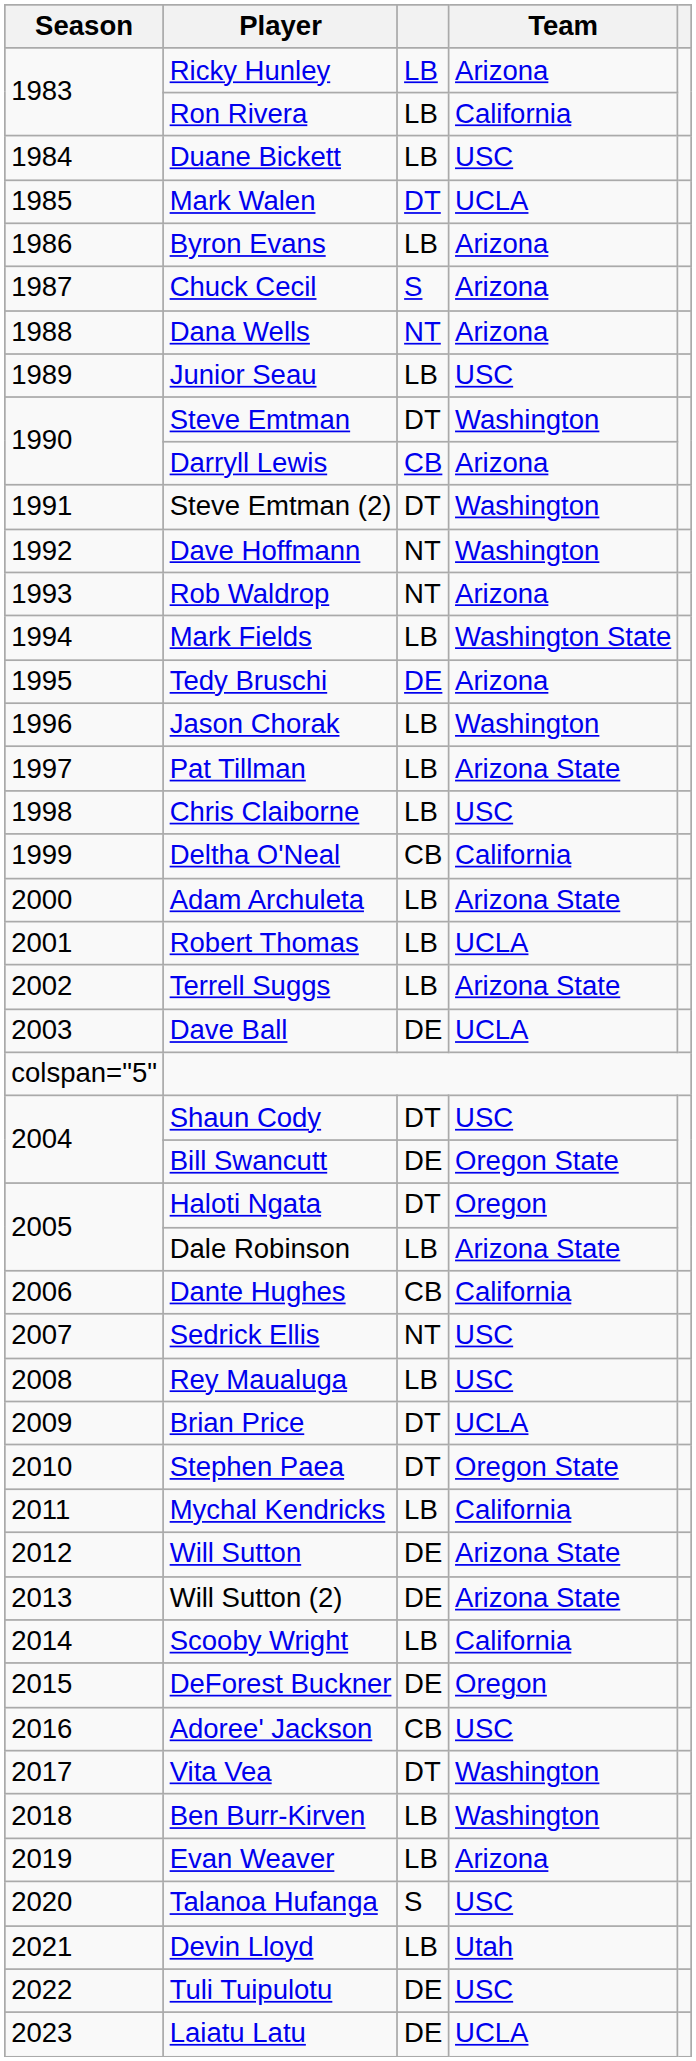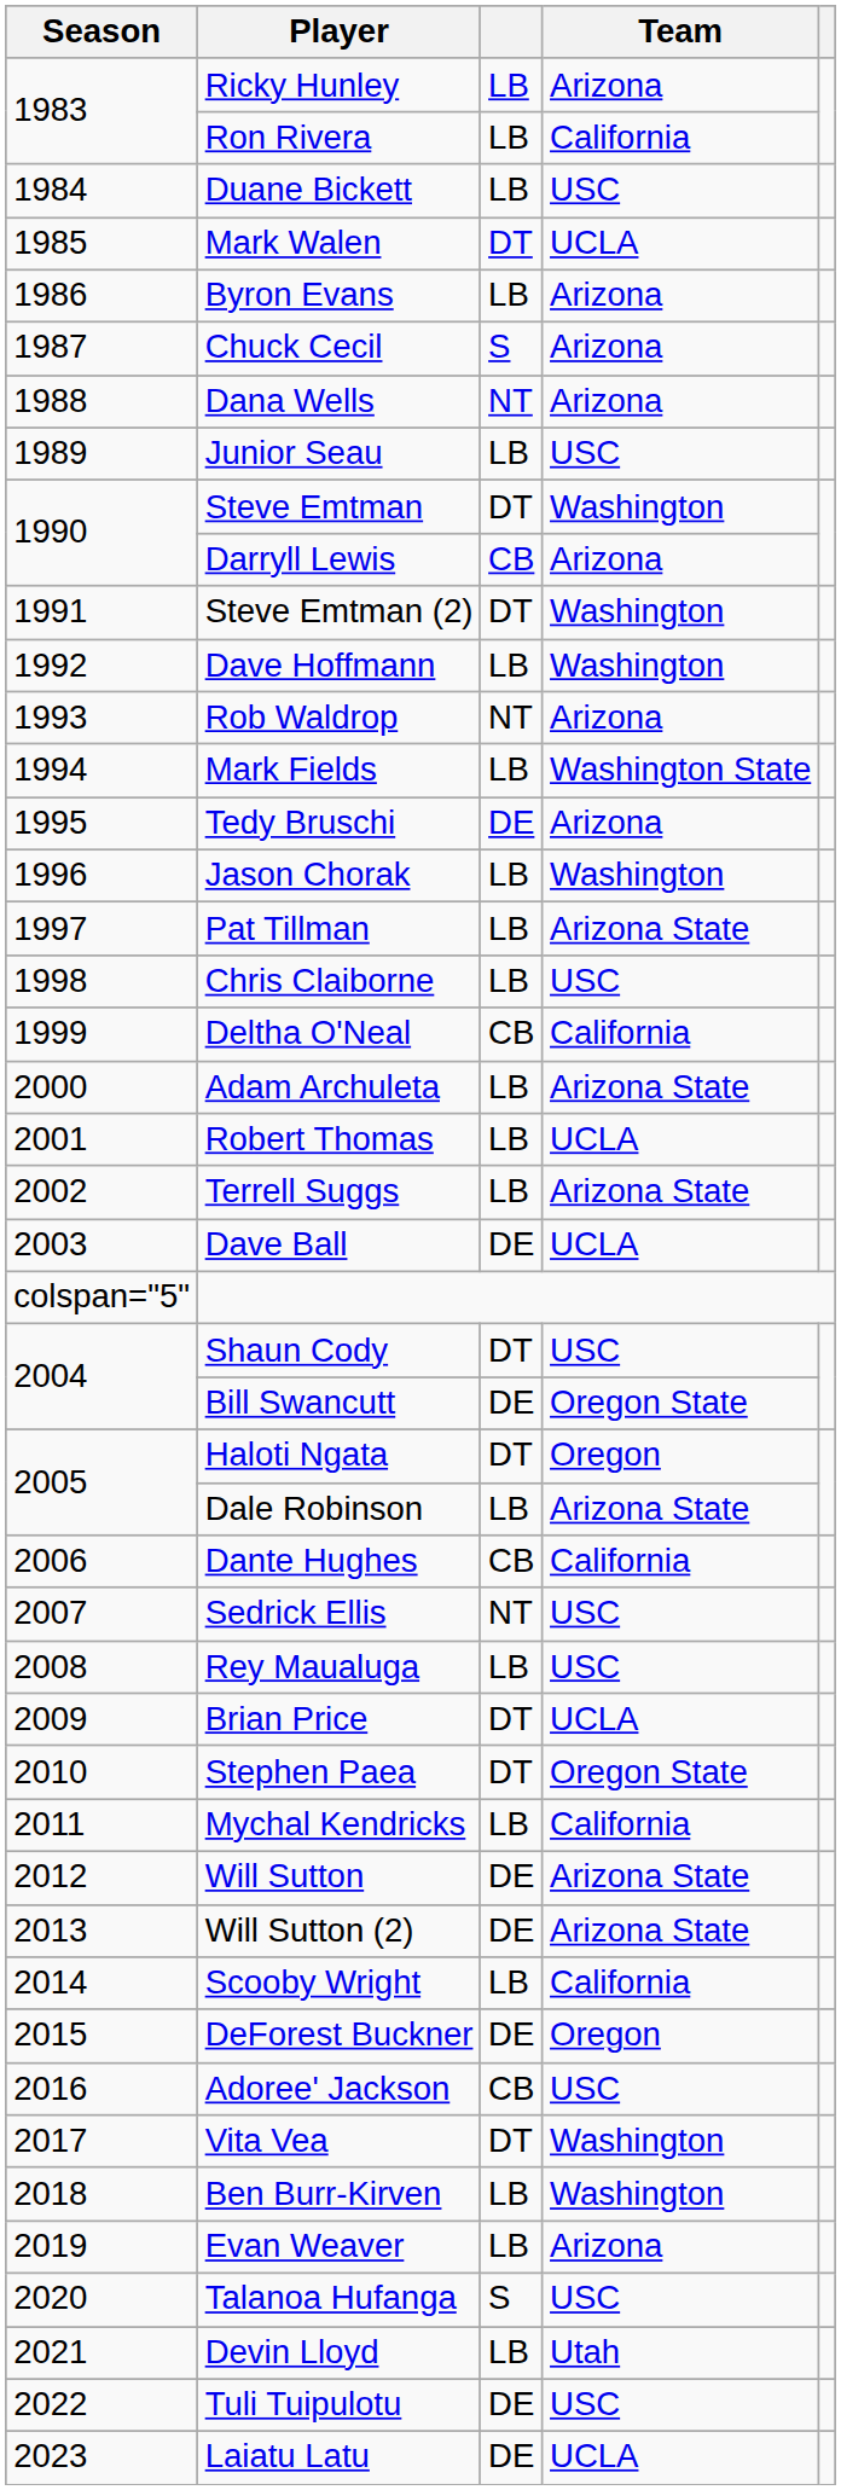 <table class="wikitable sortable">
 <tr>
 <th>Season</th>
 <th>Player</th>
 <th></th>
 <th>Team</th>
 <th></th>
 </tr>
 <tr>
 <td rowspan="2">1983</td>
 <td><a href='#'>Ricky Hunley</a></td>
 <td><a href='#'>LB</a></td>
 <td><a href='#'>Arizona</a></td>
 <td rowspan="2"></td>
 </tr>
 <tr>
 <td><a href='#'>Ron Rivera</a></td>
 <td>LB</td>
 <td><a href='#'>California</a></td>
 </tr>
 <tr>
 <td>1984</td>
 <td><a href='#'>Duane Bickett</a></td>
 <td>LB</td>
 <td><a href='#'>USC</a></td>
 <td></td>
 </tr>
 <tr>
 <td>1985</td>
 <td><a href='#'>Mark Walen</a></td>
 <td><a href='#'>DT</a></td>
 <td><a href='#'>UCLA</a></td>
 <td></td>
 </tr>
 <tr>
 <td>1986</td>
 <td><a href='#'>Byron Evans</a></td>
 <td>LB</td>
 <td><a href='#'>Arizona</a></td>
 <td></td>
 </tr>
 <tr>
 <td>1987</td>
 <td><a href='#'>Chuck Cecil</a></td>
 <td><a href='#'>S</a></td>
 <td><a href='#'>Arizona</a></td>
 <td></td>
 </tr>
 <tr>
 <td>1988</td>
 <td><a href='#'>Dana Wells</a></td>
 <td><a href='#'>NT</a></td>
 <td><a href='#'>Arizona</a></td>
 <td></td>
 </tr>
 <tr>
 <td>1989</td>
 <td><a href='#'>Junior Seau</a></td>
 <td>LB</td>
 <td><a href='#'>USC</a></td>
 <td></td>
 </tr>
 <tr>
 <td rowspan="2">1990</td>
 <td><a href='#'>Steve Emtman</a></td>
 <td>DT</td>
 <td><a href='#'>Washington</a></td>
 <td rowspan="2"></td>
 </tr>
 <tr>
 <td><a href='#'>Darryll Lewis</a></td>
 <td><a href='#'>CB</a></td>
 <td><a href='#'>Arizona</a></td>
 </tr>
 <tr>
 <td>1991</td>
 <td>Steve Emtman (2)</td>
 <td>DT</td>
 <td><a href='#'>Washington</a></td>
 <td></td>
 </tr>
 <tr>
 <td>1992</td>
 <td><a href='#'>Dave Hoffmann</a></td>
-<td>NT</td>
+<td>LB</td>
 <td><a href='#'>Washington</a></td>
 <td></td>
 </tr>
 <tr>
 <td>1993</td>
 <td><a href='#'>Rob Waldrop</a></td>
 <td>NT</td>
 <td><a href='#'>Arizona</a></td>
 <td></td>
 </tr>
 <tr>
 <td>1994</td>
 <td><a href='#'>Mark Fields</a></td>
 <td>LB</td>
 <td><a href='#'>Washington State</a></td>
 <td></td>
 </tr>
 <tr>
 <td>1995</td>
 <td><a href='#'>Tedy Bruschi</a></td>
 <td><a href='#'>DE</a></td>
 <td><a href='#'>Arizona</a></td>
 <td></td>
 </tr>
 <tr>
 <td>1996</td>
 <td><a href='#'>Jason Chorak</a></td>
 <td>LB</td>
 <td><a href='#'>Washington</a></td>
 <td></td>
 </tr>
 <tr>
 <td>1997</td>
 <td><a href='#'>Pat Tillman</a></td>
 <td>LB</td>
 <td><a href='#'>Arizona State</a></td>
 <td></td>
 </tr>
 <tr>
 <td>1998</td>
 <td><a href='#'>Chris Claiborne</a></td>
 <td>LB</td>
 <td><a href='#'>USC</a></td>
 <td></td>
 </tr>
 <tr>
 <td>1999</td>
 <td><a href='#'>Deltha O'Neal</a></td>
 <td>CB</td>
 <td><a href='#'>California</a></td>
 <td></td>
 </tr>
 <tr>
 <td>2000</td>
 <td><a href='#'>Adam Archuleta</a></td>
 <td>LB</td>
 <td><a href='#'>Arizona State</a></td>
 <td></td>
 </tr>
 <tr>
 <td>2001</td>
 <td><a href='#'>Robert Thomas</a></td>
 <td>LB</td>
 <td><a href='#'>UCLA</a></td>
 <td></td>
 </tr>
 <tr>
 <td>2002</td>
 <td><a href='#'>Terrell Suggs</a></td>
 <td>LB</td>
 <td><a href='#'>Arizona State</a></td>
 <td></td>
 </tr>
 <tr>
 <td>2003</td>
 <td><a href='#'>Dave Ball</a></td>
 <td>DE</td>
 <td><a href='#'>UCLA</a></td>
 <td></td>
 </tr>
 <tr>
 <td>colspan="5" </td>
 </tr>
 <tr>
 <td rowspan="2">2004</td>
 <td><a href='#'>Shaun Cody</a></td>
 <td>DT</td>
 <td><a href='#'>USC</a></td>
 <td rowspan="2"></td>
 </tr>
 <tr>
 <td><a href='#'>Bill Swancutt</a></td>
 <td>DE</td>
 <td><a href='#'>Oregon State</a></td>
 </tr>
 <tr>
 <td rowspan="2">2005</td>
 <td><a href='#'>Haloti Ngata</a></td>
 <td>DT</td>
 <td><a href='#'>Oregon</a></td>
 <td rowspan="2"></td>
 </tr>
 <tr>
 <td>Dale Robinson</td>
 <td>LB</td>
 <td><a href='#'>Arizona State</a></td>
 </tr>
 <tr>
 <td>2006</td>
 <td><a href='#'>Dante Hughes</a></td>
 <td>CB</td>
 <td><a href='#'>California</a></td>
 <td></td>
 </tr>
 <tr>
 <td>2007</td>
 <td><a href='#'>Sedrick Ellis</a></td>
 <td>NT</td>
 <td><a href='#'>USC</a></td>
 <td></td>
 </tr>
 <tr>
 <td>2008</td>
 <td><a href='#'>Rey Maualuga</a></td>
 <td>LB</td>
 <td><a href='#'>USC</a></td>
 <td></td>
 </tr>
 <tr>
 <td>2009</td>
 <td><a href='#'>Brian Price</a></td>
 <td>DT</td>
 <td><a href='#'>UCLA</a></td>
 <td></td>
 </tr>
 <tr>
 <td>2010</td>
 <td><a href='#'>Stephen Paea</a></td>
 <td>DT</td>
 <td><a href='#'>Oregon State</a></td>
 <td></td>
 </tr>
 <tr>
 <td>2011</td>
 <td><a href='#'>Mychal Kendricks</a></td>
 <td>LB</td>
 <td><a href='#'>California</a></td>
 <td></td>
 </tr>
 <tr>
 <td>2012</td>
 <td><a href='#'>Will Sutton</a></td>
 <td>DE</td>
 <td><a href='#'>Arizona State</a></td>
 <td></td>
 </tr>
 <tr>
 <td>2013</td>
 <td>Will Sutton (2)</td>
 <td>DE</td>
 <td><a href='#'>Arizona State</a></td>
 <td></td>
 </tr>
 <tr>
 <td>2014</td>
 <td><a href='#'>Scooby Wright</a></td>
 <td>LB</td>
 <td><a href='#'>California</a></td>
 <td></td>
 </tr>
 <tr>
 <td>2015</td>
 <td><a href='#'>DeForest Buckner</a></td>
 <td>DE</td>
 <td><a href='#'>Oregon</a></td>
 <td></td>
 </tr>
 <tr>
 <td>2016</td>
 <td><a href='#'>Adoree' Jackson</a></td>
 <td>CB</td>
 <td><a href='#'>USC</a></td>
 <td></td>
 </tr>
 <tr>
 <td>2017</td>
 <td><a href='#'>Vita Vea</a></td>
 <td>DT</td>
 <td><a href='#'>Washington</a></td>
 <td></td>
 </tr>
 <tr>
 <td>2018</td>
 <td><a href='#'>Ben Burr-Kirven</a></td>
 <td>LB</td>
 <td><a href='#'>Washington</a></td>
 <td></td>
 </tr>
 <tr>
 <td>2019</td>
 <td><a href='#'>Evan Weaver</a></td>
 <td>LB</td>
 <td><a href='#'>Arizona</a></td>
 <td></td>
 </tr>
 <tr>
 <td>2020</td>
 <td><a href='#'>Talanoa Hufanga</a></td>
 <td>S</td>
 <td><a href='#'>USC</a></td>
 <td></td>
 </tr>
 <tr>
 <td>2021</td>
 <td><a href='#'>Devin Lloyd</a></td>
 <td>LB</td>
 <td><a href='#'>Utah</a></td>
 <td></td>
 </tr>
 <tr>
 <td>2022</td>
 <td><a href='#'>Tuli Tuipulotu</a></td>
 <td>DE</td>
 <td><a href='#'>USC</a></td>
 <td></td>
 </tr>
 <tr>
 <td>2023</td>
 <td><a href='#'>Laiatu Latu</a></td>
 <td>DE</td>
 <td><a href='#'>UCLA</a></td>
 <td></td>
 </tr>
 </table>
